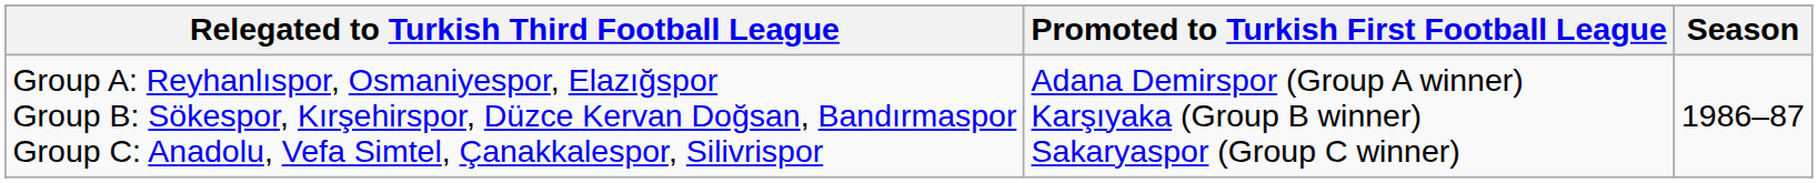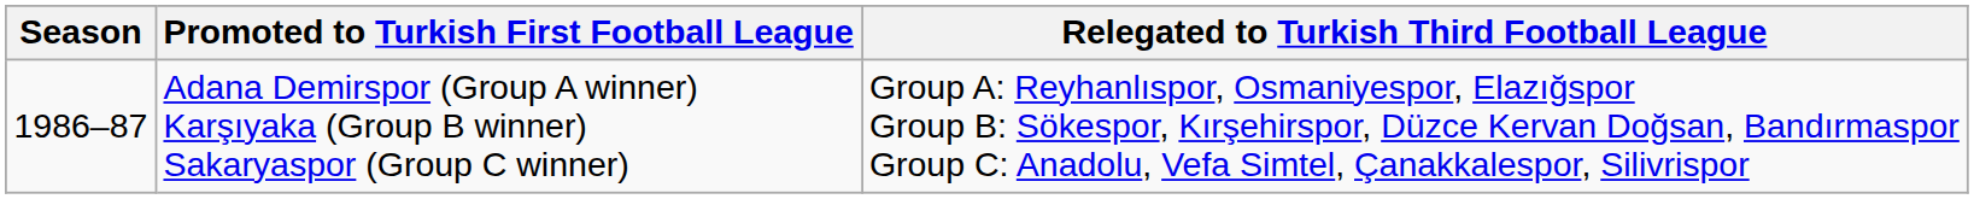 <table class="wikitable">
 <tr>
+<th>Season</th>
+<th>Promoted to <a href='#'>Turkish First Football League</a></th>
 <th>Relegated to <a href='#'>Turkish Third Football League</a></th>
-<th>Promoted to <a href='#'>Turkish First Football League</a></th>
-<th>Season</th>
 </tr>
 <tr>
+<td>1986–87</td>
+<td><a href='#'>Adana Demirspor</a> (Group A winner)<br><a href='#'>Karşıyaka</a> (Group B winner)<br><a href='#'>Sakaryaspor</a> (Group C winner)</td>
 <td>Group A: <a href='#'>Reyhanlıspor</a>, <a href='#'>Osmaniyespor</a>, <a href='#'>Elazığspor</a><br>Group B: <a href='#'>Sökespor</a>, <a href='#'>Kırşehirspor</a>, <a href='#'>Düzce Kervan Doğsan</a>, <a href='#'>Bandırmaspor</a><br>Group C: <a href='#'>Anadolu</a>, <a href='#'>Vefa Simtel</a>, <a href='#'>Çanakkalespor</a>, <a href='#'>Silivrispor</a></td>
-<td><a href='#'>Adana Demirspor</a> (Group A winner)<br><a href='#'>Karşıyaka</a> (Group B winner)<br><a href='#'>Sakaryaspor</a> (Group C winner)</td>
-<td>1986–87</td>
 </tr>
 </table>
